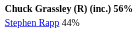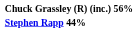 <table>
 <tr>
 <td><strong>Chuck Grassley (R) (inc.) 56%</strong></td>
 </tr>
 <tr>
-<td><a href='#'>Stephen Rapp</a> 44%</td>
+<td><strong><a href='#'>Stephen Rapp</a> 44%</strong></td>
 </tr>
 </table>
